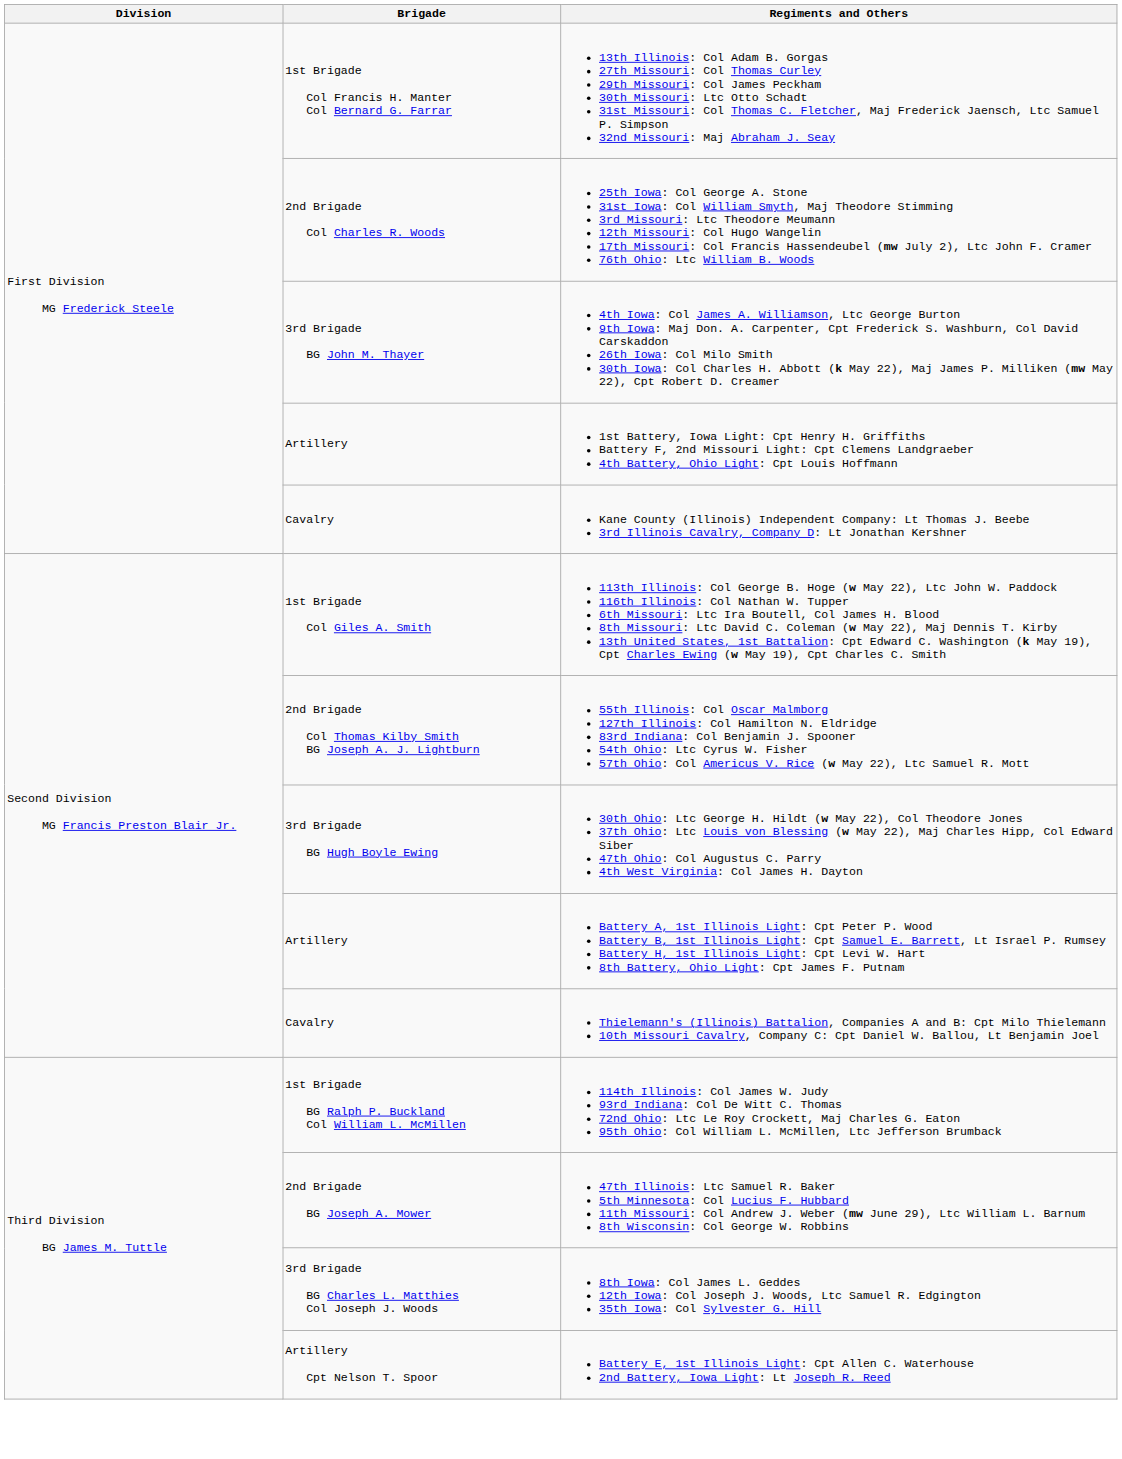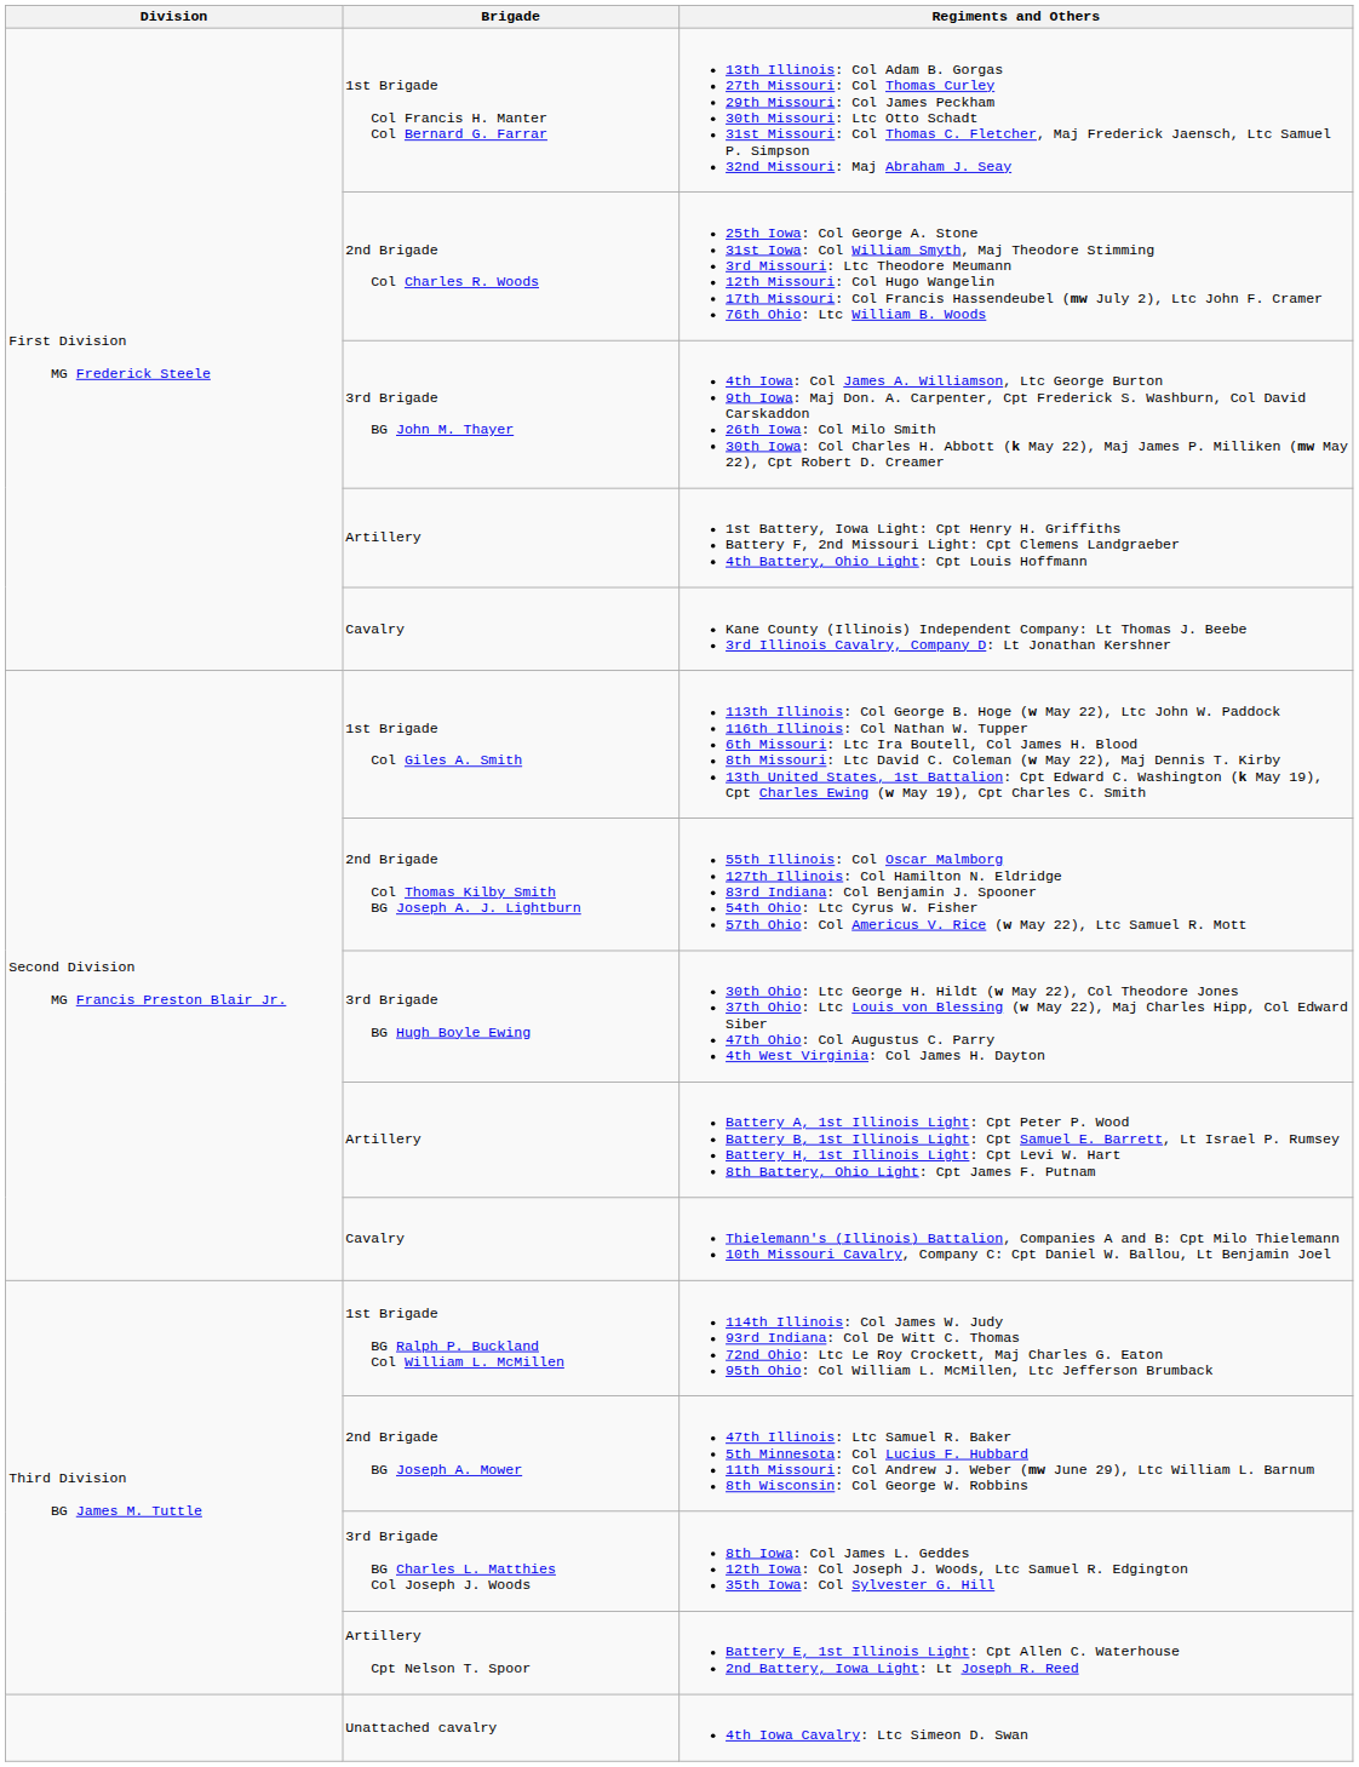 <table class="wikitable">
 <tr>
 <th width=25%>Division</th>
 <th width=25%>Brigade</th>
 <th>Regiments and Others</th>
 </tr>
 <tr>
 <td rowspan=5><br>First Division<br><br>     MG <a href='#'>Frederick Steele</a></td>
 <td>1st Brigade<br><br>   Col Francis H. Manter <br>   Col <a href='#'>Bernard G. Farrar</a></td>
 <td><br><ul><li><a href='#'>13th Illinois</a>: Col Adam B. Gorgas</li><li><a href='#'>27th Missouri</a>: Col <a href='#'>Thomas Curley</a></li><li><a href='#'>29th Missouri</a>: Col James Peckham</li><li><a href='#'>30th Missouri</a>: Ltc Otto Schadt</li><li><a href='#'>31st Missouri</a>: Col <a href='#'>Thomas C. Fletcher</a>, Maj Frederick Jaensch, Ltc Samuel P. Simpson</li><li><a href='#'>32nd Missouri</a>: Maj <a href='#'>Abraham J. Seay</a></li></ul></td>
 </tr>
 <tr>
 <td>2nd Brigade<br><br>   Col <a href='#'>Charles R. Woods</a></td>
 <td><br><ul><li><a href='#'>25th Iowa</a>: Col George A. Stone</li><li><a href='#'>31st Iowa</a>: Col <a href='#'>William Smyth</a>, Maj Theodore Stimming</li><li><a href='#'>3rd Missouri</a>: Ltc Theodore Meumann</li><li><a href='#'>12th Missouri</a>: Col Hugo Wangelin</li><li><a href='#'>17th Missouri</a>: Col Francis Hassendeubel (<strong>mw</strong> July 2), Ltc John F. Cramer</li><li><a href='#'>76th Ohio</a>: Ltc <a href='#'>William B. Woods</a></li></ul></td>
 </tr>
 <tr>
 <td>3rd Brigade<br><br>   BG <a href='#'>John M. Thayer</a></td>
 <td><br><ul><li><a href='#'>4th Iowa</a>: Col <a href='#'>James A. Williamson</a>, Ltc George Burton</li><li><a href='#'>9th Iowa</a>: Maj Don. A. Carpenter, Cpt Frederick S. Washburn, Col David Carskaddon</li><li><a href='#'>26th Iowa</a>: Col Milo Smith</li><li><a href='#'>30th Iowa</a>: Col Charles H. Abbott (<strong>k</strong> May 22), Maj James P. Milliken (<strong>mw</strong> May 22), Cpt Robert D. Creamer</li></ul></td>
 </tr>
 <tr>
 <td>Artillery</td>
 <td><br><ul><li>1st Battery, Iowa Light: Cpt Henry H. Griffiths</li><li>Battery F, 2nd Missouri Light: Cpt Clemens Landgraeber</li><li><a href='#'>4th Battery, Ohio Light</a>: Cpt Louis Hoffmann</li></ul></td>
 </tr>
 <tr>
 <td>Cavalry</td>
 <td><br><ul><li>Kane County (Illinois) Independent Company: Lt Thomas J. Beebe</li><li><a href='#'>3rd Illinois Cavalry, Company D</a>: Lt Jonathan Kershner</li></ul></td>
 </tr>
 <tr>
 <td rowspan=5><br>Second Division<br><br>     MG <a href='#'>Francis Preston Blair Jr.</a></td>
 <td>1st Brigade<br><br>   Col <a href='#'>Giles A. Smith</a></td>
 <td><br><ul><li><a href='#'>113th Illinois</a>: Col George B. Hoge (<strong>w</strong> May 22), Ltc John W. Paddock</li><li><a href='#'>116th Illinois</a>: Col Nathan W. Tupper</li><li><a href='#'>6th Missouri</a>: Ltc Ira Boutell, Col James H. Blood</li><li><a href='#'>8th Missouri</a>: Ltc David C. Coleman (<strong>w</strong> May 22), Maj Dennis T. Kirby</li><li><a href='#'>13th United States, 1st Battalion</a>: Cpt Edward C. Washington (<strong>k</strong> May 19), Cpt <a href='#'>Charles Ewing</a> (<strong>w</strong> May 19), Cpt Charles C. Smith</li></ul></td>
 </tr>
 <tr>
 <td>2nd Brigade<br><br>   Col <a href='#'>Thomas Kilby Smith</a> <br>   BG <a href='#'>Joseph A. J. Lightburn</a></td>
 <td><br><ul><li><a href='#'>55th Illinois</a>: Col <a href='#'>Oscar Malmborg</a></li><li><a href='#'>127th Illinois</a>: Col Hamilton N. Eldridge</li><li><a href='#'>83rd Indiana</a>: Col Benjamin J. Spooner</li><li><a href='#'>54th Ohio</a>: Ltc Cyrus W. Fisher</li><li><a href='#'>57th Ohio</a>: Col <a href='#'>Americus V. Rice</a> (<strong>w</strong> May 22), Ltc Samuel R. Mott</li></ul></td>
 </tr>
 <tr>
 <td>3rd Brigade<br><br>   BG <a href='#'>Hugh Boyle Ewing</a></td>
 <td><br><ul><li><a href='#'>30th Ohio</a>: Ltc George H. Hildt (<strong>w</strong> May 22), Col Theodore Jones</li><li><a href='#'>37th Ohio</a>: Ltc <a href='#'>Louis von Blessing</a> (<strong>w</strong> May 22), Maj Charles Hipp, Col Edward Siber</li><li><a href='#'>47th Ohio</a>: Col Augustus C. Parry</li><li><a href='#'>4th West Virginia</a>: Col James H. Dayton</li></ul></td>
 </tr>
 <tr>
 <td>Artillery</td>
 <td><br><ul><li><a href='#'>Battery A, 1st Illinois Light</a>: Cpt Peter P. Wood</li><li><a href='#'>Battery B, 1st Illinois Light</a>: Cpt <a href='#'>Samuel E. Barrett</a>, Lt Israel P. Rumsey</li><li><a href='#'>Battery H, 1st Illinois Light</a>: Cpt Levi W. Hart</li><li><a href='#'>8th Battery, Ohio Light</a>: Cpt James F. Putnam</li></ul></td>
 </tr>
 <tr>
 <td>Cavalry</td>
 <td><br><ul><li><a href='#'>Thielemann's (Illinois) Battalion</a>, Companies A and B: Cpt Milo Thielemann</li><li><a href='#'>10th Missouri Cavalry</a>, Company C: Cpt Daniel W. Ballou, Lt Benjamin Joel</li></ul></td>
 </tr>
 <tr>
 <td rowspan=4><br>Third Division<br><br>     BG <a href='#'>James M. Tuttle</a></td>
 <td>1st Brigade<br><br>   BG <a href='#'>Ralph P. Buckland</a> <br>   Col <a href='#'>William L. McMillen</a></td>
 <td><br><ul><li><a href='#'>114th Illinois</a>: Col James W. Judy</li><li><a href='#'>93rd Indiana</a>: Col De Witt C. Thomas</li><li><a href='#'>72nd Ohio</a>: Ltc Le Roy Crockett, Maj Charles G. Eaton</li><li><a href='#'>95th Ohio</a>: Col William L. McMillen, Ltc Jefferson Brumback</li></ul></td>
 </tr>
 <tr>
 <td>2nd Brigade<br><br>   BG <a href='#'>Joseph A. Mower</a></td>
 <td><br><ul><li><a href='#'>47th Illinois</a>: Ltc Samuel R. Baker</li><li><a href='#'>5th Minnesota</a>: Col <a href='#'>Lucius F. Hubbard</a></li><li><a href='#'>11th Missouri</a>: Col Andrew J. Weber (<strong>mw</strong> June 29), Ltc William L. Barnum</li><li><a href='#'>8th Wisconsin</a>: Col George W. Robbins</li></ul></td>
 </tr>
 <tr>
 <td>3rd Brigade<br><br>   BG <a href='#'>Charles L. Matthies</a> <br>   Col Joseph J. Woods</td>
 <td><br><ul><li><a href='#'>8th Iowa</a>: Col James L. Geddes</li><li><a href='#'>12th Iowa</a>: Col Joseph J. Woods, Ltc Samuel R. Edgington</li><li><a href='#'>35th Iowa</a>: Col <a href='#'>Sylvester G. Hill</a></li></ul></td>
 </tr>
 <tr>
 <td>Artillery<br><br>   Cpt Nelson T. Spoor</td>
 <td><br><ul><li><a href='#'>Battery E, 1st Illinois Light</a>: Cpt Allen C. Waterhouse</li><li><a href='#'>2nd Battery, Iowa Light</a>: Lt <a href='#'>Joseph R. Reed</a></li></ul></td>
 </tr>
+<tr>
+<td></td>
+<td>Unattached cavalry</td>
+<td><br><ul><li><a href='#'>4th Iowa Cavalry</a>: Ltc Simeon D. Swan</li></ul></td>
+</tr>
 </table>
